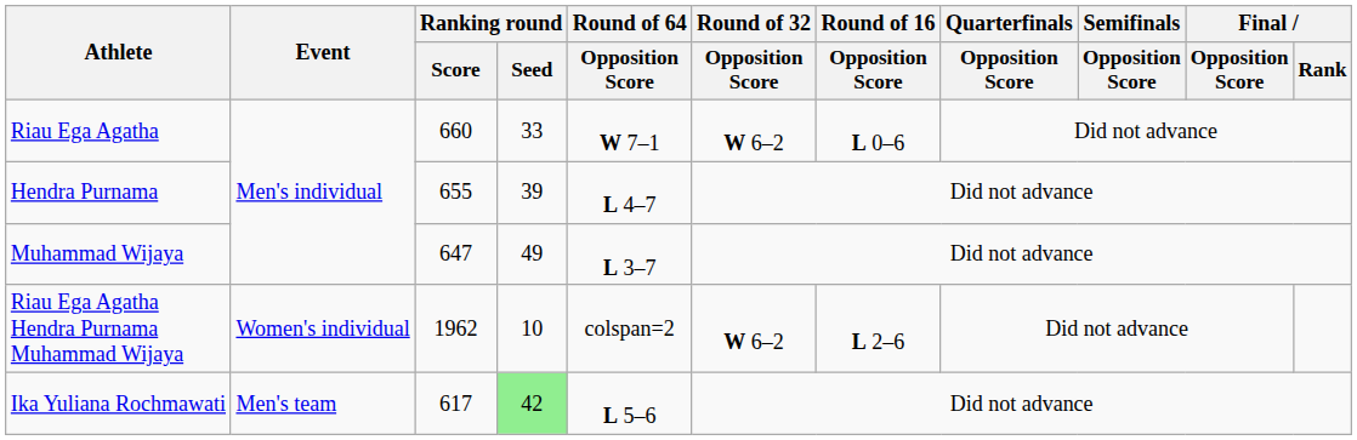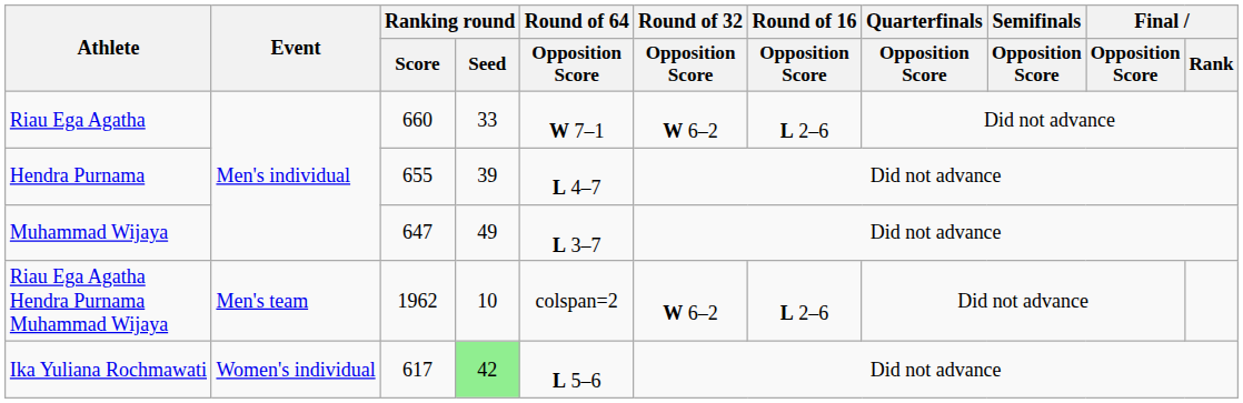 <table class="wikitable" style="font-size:90%">
 <tr>
 <th rowspan=2>Athlete</th>
 <th rowspan=2>Event</th>
 <th colspan="2">Ranking round</th>
 <th>Round of 64</th>
 <th>Round of 32</th>
 <th>Round of 16</th>
 <th>Quarterfinals</th>
 <th>Semifinals</th>
 <th colspan="2">Final / </th>
 </tr>
 <tr style="font-size:95%">
 <th>Score</th>
 <th>Seed</th>
 <th>Opposition<br>Score</th>
 <th>Opposition<br>Score</th>
 <th>Opposition<br>Score</th>
 <th>Opposition<br>Score</th>
 <th>Opposition<br>Score</th>
 <th>Opposition<br>Score</th>
 <th>Rank</th>
 </tr>
 <tr align=center>
 <td align=left><a href='#'>Riau Ega Agatha</a></td>
 <td align=left rowspan=3><a href='#'>Men's individual</a></td>
 <td>660</td>
 <td>33</td>
 <td><br><strong>W</strong> 7–1</td>
 <td><br><strong>W</strong> 6–2</td>
-<td><br><strong>L</strong> 0–6</td>
+<td><br><strong>L</strong> 2–6</td>
 <td colspan=4>Did not advance</td>
 </tr>
 <tr align=center>
 <td align=left><a href='#'>Hendra Purnama</a></td>
 <td>655</td>
 <td>39</td>
 <td><br><strong>L</strong> 4–7</td>
 <td colspan=6>Did not advance</td>
 </tr>
 <tr align=center>
 <td align=left><a href='#'>Muhammad Wijaya</a></td>
 <td>647</td>
 <td>49</td>
 <td><br><strong>L</strong> 3–7</td>
 <td colspan=6>Did not advance</td>
 </tr>
 <tr align=center>
 <td align=left><a href='#'>Riau Ega Agatha</a><br><a href='#'>Hendra Purnama</a><br><a href='#'>Muhammad Wijaya</a></td>
-<td align=left><a href='#'>Women's individual</a></td>
+<td align=left><a href='#'>Men's team</a></td>
 <td>1962</td>
 <td>10</td>
 <td>colspan=2 </td>
 <td><br><strong>W</strong> 6–2</td>
 <td><br><strong>L</strong> 2–6</td>
 <td colspan=3>Did not advance</td>
 </tr>
 <tr align=center>
 <td align=left><a href='#'>Ika Yuliana Rochmawati</a></td>
-<td align=left><a href='#'>Men's team</a></td>
+<td align=left><a href='#'>Women's individual</a></td>
 <td>617</td>
 <td style="background: lightgreen;">42</td>
 <td><br><strong>L</strong> 5–6</td>
 <td colspan=6>Did not advance</td>
 </tr>
 </table>
